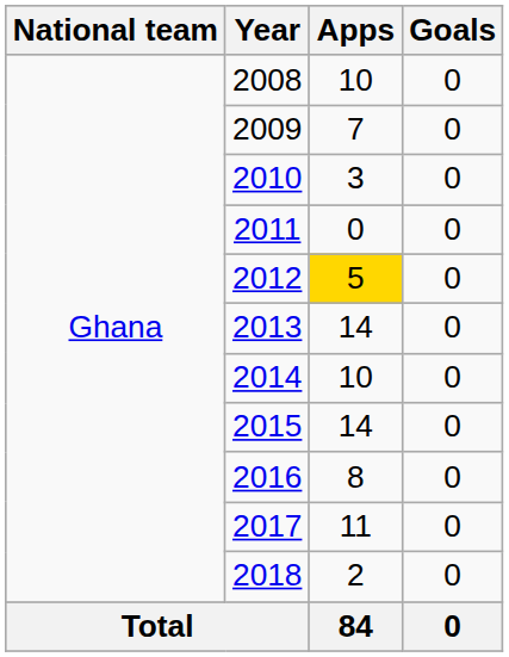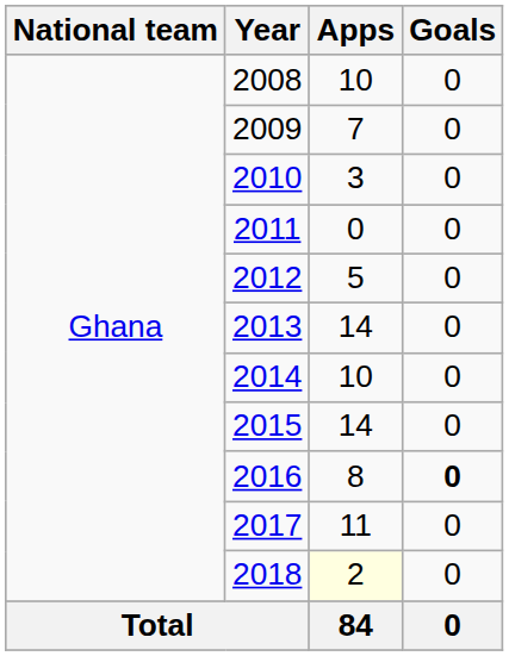 <table class="wikitable" style="text-align:center">
 <tr>
 <th>National team</th>
 <th>Year</th>
 <th>Apps</th>
 <th>Goals</th>
 </tr>
 <tr>
 <td rowspan=11><a href='#'>Ghana</a></td>
 <td>2008</td>
 <td>10</td>
 <td>0</td>
 </tr>
 <tr>
 <td>2009</td>
 <td>7</td>
 <td>0</td>
 </tr>
 <tr>
 <td><a href='#'>2010</a></td>
 <td>3</td>
 <td>0</td>
 </tr>
 <tr>
 <td><a href='#'>2011</a></td>
 <td>0</td>
 <td>0</td>
 </tr>
 <tr>
 <td><a href='#'>2012</a></td>
-<td style="background: gold;">5</td>
+<td>5</td>
 <td>0</td>
 </tr>
 <tr>
 <td><a href='#'>2013</a></td>
 <td>14</td>
 <td>0</td>
 </tr>
 <tr>
 <td><a href='#'>2014</a></td>
 <td>10</td>
 <td>0</td>
 </tr>
 <tr>
 <td><a href='#'>2015</a></td>
 <td>14</td>
 <td>0</td>
 </tr>
 <tr>
 <td><a href='#'>2016</a></td>
 <td>8</td>
-<td>0</td>
+<td><strong>0</strong></td>
 </tr>
 <tr>
 <td><a href='#'>2017</a></td>
 <td>11</td>
 <td>0</td>
 </tr>
 <tr>
 <td><a href='#'>2018</a></td>
-<td>2</td>
+<td style="background: lightyellow;">2</td>
 <td>0</td>
 </tr>
 <tr>
 <th colspan=2>Total</th>
 <th>84</th>
 <th>0</th>
 </tr>
 </table>
